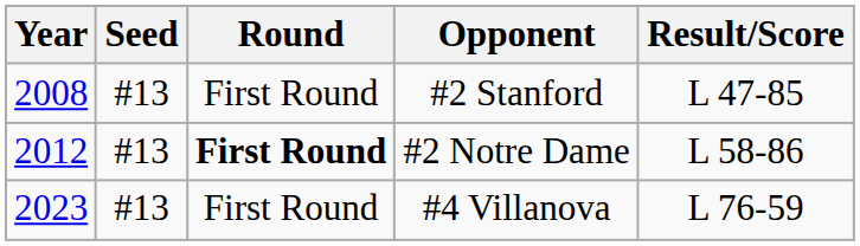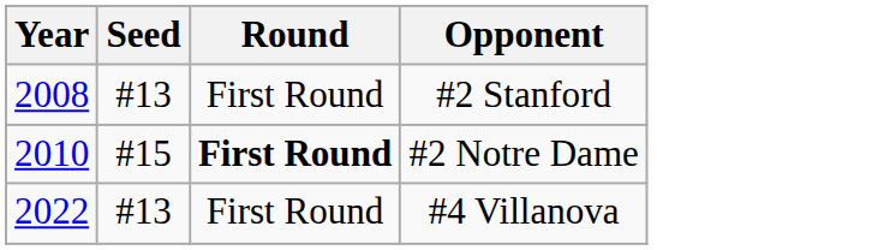 <table class="wikitable" style="text-align:center;">
 <tr>
 <th>Year</th>
 <th>Seed</th>
 <th>Round</th>
 <th>Opponent</th>
-<th>Result/Score</th>
 </tr>
 <tr>
 <td><a href='#'>2008</a></td>
 <td>#13</td>
 <td>First Round</td>
 <td>#2 Stanford</td>
-<td>L 47-85</td>
 </tr>
 <tr>
-<td><a href='#'>2012</a></td>
-<td>#13</td>
+<td><a href='#'>2010</a></td>
+<td>#15</td>
 <td><strong>First Round</strong></td>
 <td>#2 Notre Dame</td>
-<td>L 58-86</td>
 </tr>
 <tr>
-<td><a href='#'>2023</a></td>
+<td><a href='#'>2022</a></td>
 <td>#13</td>
 <td>First Round</td>
 <td>#4 Villanova</td>
-<td>L 76-59</td>
 </tr>
 </table>
